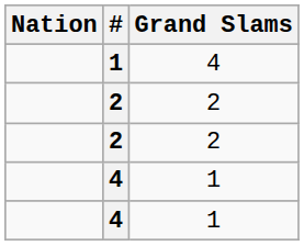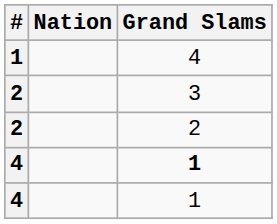 <table class="wikitable sortable" style="text-align: center;">
 <tr>
+<th>#</th>
 <th>Nation</th>
-<th>#</th>
 <th>Grand Slams</th>
 </tr>
 <tr>
+<th>1</th>
 <td></td>
-<th>1</th>
 <td>4</td>
 </tr>
 <tr>
+<th>2</th>
 <td></td>
+<td>3</td>
+</tr>
+<tr>
 <th>2</th>
+<td></td>
 <td>2</td>
 </tr>
 <tr>
+<th>4</th>
 <td></td>
-<th>2</th>
-<td>2</td>
+<td><strong>1</strong></td>
 </tr>
 <tr>
+<th>4</th>
 <td></td>
-<th>4</th>
-<td>1</td>
-</tr>
-<tr>
-<td></td>
-<th>4</th>
 <td>1</td>
 </tr>
 </table>
